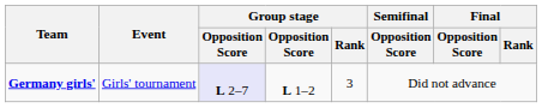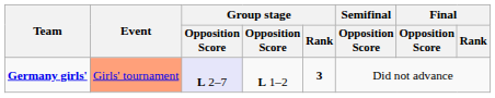 <table class="wikitable" style="font-size:90%">
 <tr>
 <th rowspan=2>Team</th>
 <th rowspan=2>Event</th>
 <th colspan=3>Group stage</th>
 <th>Semifinal</th>
 <th colspan=2>Final</th>
 </tr>
 <tr style="font-size:95%">
 <th>Opposition<br>Score</th>
 <th>Opposition<br>Score</th>
 <th>Rank</th>
 <th>Opposition<br>Score</th>
 <th>Opposition<br>Score</th>
 <th>Rank</th>
 </tr>
 <tr align=center>
 <td align=left><strong><a href='#'>Germany girls'</a></strong></td>
-<td align=left><a href='#'>Girls' tournament</a></td>
+<td align=left style="background: lightsalmon;"><a href='#'>Girls' tournament</a></td>
 <td style="background: lavender;"><br><strong>L</strong> 2–7</td>
 <td><br><strong>L</strong> 1–2</td>
-<td>3</td>
+<td><strong>3</strong></td>
 <td colspan=3>Did not advance</td>
 </tr>
 </table>
